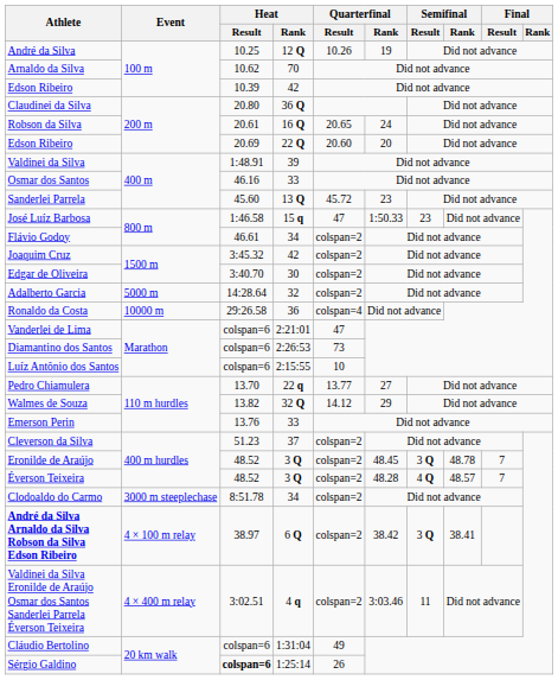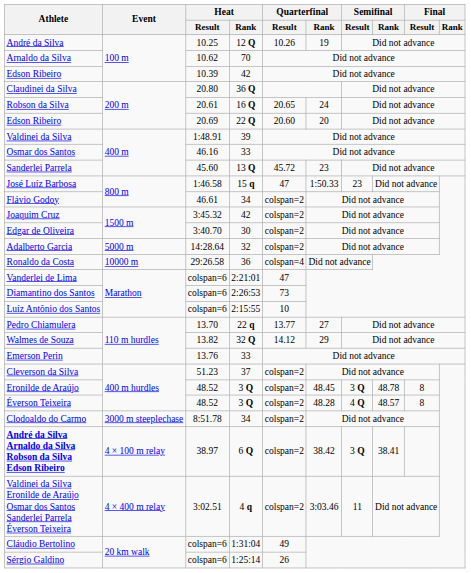 <table class="wikitable" style="font-size:90%">
 <tr>
 <th rowspan="2">Athlete</th>
 <th rowspan="2">Event</th>
 <th colspan="2">Heat</th>
 <th colspan="2">Quarterfinal</th>
 <th colspan="2">Semifinal</th>
 <th colspan="2">Final</th>
 </tr>
 <tr style="font-size:95%">
 <th>Result</th>
 <th>Rank</th>
 <th>Result</th>
 <th>Rank</th>
 <th>Result</th>
 <th>Rank</th>
 <th>Result</th>
 <th>Rank</th>
 </tr>
 <tr align=center>
 <td align=left><a href='#'>André da Silva</a></td>
 <td align=left rowspan=3><a href='#'>100 m</a></td>
 <td>10.25</td>
 <td>12 <strong>Q</strong></td>
 <td>10.26</td>
 <td>19</td>
 <td colspan=4>Did not advance</td>
 </tr>
 <tr align=center>
 <td align=left><a href='#'>Arnaldo da Silva</a></td>
 <td>10.62</td>
 <td>70</td>
 <td colspan=6>Did not advance</td>
 </tr>
 <tr align=center>
 <td align=left><a href='#'>Edson Ribeiro</a></td>
 <td>10.39</td>
 <td>42</td>
 <td colspan=6>Did not advance</td>
 </tr>
 <tr align=center>
 <td align=left><a href='#'>Claudinei da Silva</a></td>
 <td align=left rowspan=3><a href='#'>200 m</a></td>
 <td>20.80</td>
 <td>36 <strong>Q</strong></td>
 <td colspan=2></td>
 <td colspan=4>Did not advance</td>
 </tr>
 <tr align=center>
 <td align=left><a href='#'>Robson da Silva</a></td>
 <td>20.61</td>
 <td>16 <strong>Q</strong></td>
 <td>20.65</td>
 <td>24</td>
 <td colspan=6>Did not advance</td>
 </tr>
 <tr align=center>
 <td align=left><a href='#'>Edson Ribeiro</a></td>
 <td>20.69</td>
 <td>22 <strong>Q</strong></td>
 <td>20.60</td>
 <td>20</td>
 <td colspan=4>Did not advance</td>
 </tr>
 <tr align=center>
 <td align=left><a href='#'>Valdinei da Silva</a></td>
 <td align=left rowspan=3><a href='#'>400 m</a></td>
 <td>1:48.91</td>
 <td>39</td>
 <td colspan=6>Did not advance</td>
 </tr>
 <tr align=center>
 <td align=left><a href='#'>Osmar dos Santos</a></td>
 <td>46.16</td>
 <td>33</td>
 <td colspan=6>Did not advance</td>
 </tr>
 <tr align=center>
 <td align=left><a href='#'>Sanderlei Parrela</a></td>
 <td>45.60</td>
 <td>13 <strong>Q</strong></td>
 <td>45.72</td>
 <td>23</td>
 <td colspan=4>Did not advance</td>
 </tr>
 <tr align=center>
 <td align=left><a href='#'>José Luíz Barbosa</a></td>
 <td align=left rowspan=2><a href='#'>800 m</a></td>
 <td>1:46.58</td>
 <td>15 <strong>q</strong></td>
 <td>47</td>
 <td>1:50.33</td>
 <td>23</td>
 <td colspan=2>Did not advance</td>
 </tr>
 <tr align=center>
 <td align=left><a href='#'>Flávio Godoy</a></td>
 <td>46.61</td>
 <td>34</td>
 <td>colspan=2 </td>
 <td colspan=4>Did not advance</td>
 </tr>
 <tr align=center>
 <td align=left><a href='#'>Joaquim Cruz</a></td>
 <td align=left rowspan=2><a href='#'>1500 m</a></td>
 <td>3:45.32</td>
 <td>42</td>
 <td>colspan=2 </td>
 <td colspan=4>Did not advance</td>
 </tr>
 <tr align=center>
 <td align=left><a href='#'>Edgar de Oliveira</a></td>
 <td>3:40.70</td>
 <td>30</td>
 <td>colspan=2 </td>
 <td colspan=4>Did not advance</td>
 </tr>
 <tr align=center>
 <td align=left><a href='#'>Adalberto Garcia</a></td>
 <td align=left><a href='#'>5000 m</a></td>
 <td>14:28.64</td>
 <td>32</td>
 <td>colspan=2 </td>
 <td colspan=4>Did not advance</td>
 </tr>
 <tr align=center>
 <td align=left><a href='#'>Ronaldo da Costa</a></td>
 <td align=left><a href='#'>10000 m</a></td>
 <td>29:26.58</td>
 <td>36</td>
 <td>colspan=4 </td>
 <td colspan=2>Did not advance</td>
 </tr>
 <tr align=center>
 <td align=left><a href='#'>Vanderlei de Lima</a></td>
 <td align=left rowspan=3><a href='#'>Marathon</a></td>
 <td>colspan=6 </td>
 <td>2:21:01</td>
 <td>47</td>
 </tr>
 <tr align=center>
 <td align=left><a href='#'>Diamantino dos Santos</a></td>
 <td>colspan=6 </td>
 <td>2:26:53</td>
 <td>73</td>
 </tr>
 <tr align=center>
 <td align=left><a href='#'>Luíz Antônio dos Santos</a></td>
 <td>colspan=6 </td>
 <td>2:15:55</td>
 <td>10</td>
 </tr>
 <tr align=center>
 <td align=left><a href='#'>Pedro Chiamulera</a></td>
 <td align=left rowspan=3><a href='#'>110 m hurdles</a></td>
 <td>13.70</td>
 <td>22 <strong>q</strong></td>
 <td>13.77</td>
 <td>27</td>
 <td colspan=4>Did not advance</td>
 </tr>
 <tr align=center>
 <td align=left><a href='#'>Walmes de Souza</a></td>
 <td>13.82</td>
 <td>32  <strong>Q</strong></td>
 <td>14.12</td>
 <td>29</td>
 <td colspan=4>Did not advance</td>
 </tr>
 <tr align=center>
 <td align=left><a href='#'>Emerson Perin</a></td>
 <td>13.76</td>
 <td>33</td>
 <td colspan=6>Did not advance</td>
 </tr>
 <tr align=center>
 <td align=left><a href='#'>Cleverson da Silva</a></td>
 <td align=left rowspan=3><a href='#'>400 m hurdles</a></td>
 <td>51.23</td>
 <td>37</td>
 <td>colspan=2 </td>
 <td colspan=4>Did not advance</td>
 </tr>
 <tr align=center>
 <td align=left><a href='#'>Eronilde de Araújo</a></td>
 <td>48.52</td>
 <td>3  <strong>Q</strong></td>
 <td>colspan=2 </td>
 <td>48.45</td>
 <td>3 <strong>Q</strong></td>
 <td>48.78</td>
-<td>7</td>
+<td>8</td>
 </tr>
 <tr align=center>
 <td align=left><a href='#'>Éverson Teixeira</a></td>
 <td>48.52</td>
 <td>3  <strong>Q</strong></td>
 <td>colspan=2 </td>
 <td>48.28</td>
 <td>4 <strong>Q</strong></td>
 <td>48.57</td>
-<td>7</td>
+<td>8</td>
 </tr>
 <tr align=center>
 <td align=left><a href='#'>Clodoaldo do Carmo</a></td>
 <td align=left><a href='#'>3000 m steeplechase</a></td>
 <td>8:51.78</td>
 <td>34</td>
 <td>colspan=2 </td>
 <td colspan=4>Did not advance</td>
 </tr>
 <tr align=center>
 <td align=left><strong><a href='#'>André da Silva</a><br><a href='#'>Arnaldo da Silva</a><br><a href='#'>Robson da Silva</a><br><a href='#'>Edson Ribeiro</a></strong></td>
 <td align=left><a href='#'>4 × 100 m relay</a></td>
 <td>38.97</td>
 <td>6 <strong>Q</strong></td>
 <td>colspan=2 </td>
 <td>38.42</td>
 <td>3 <strong>Q</strong></td>
 <td>38.41</td>
 <td></td>
 </tr>
 <tr align=center>
 <td align=left><a href='#'>Valdinei da Silva</a><br><a href='#'>Eronilde de Araújo</a><br><a href='#'>Osmar dos Santos</a><br><a href='#'>Sanderlei Parrela</a><br><a href='#'>Éverson Teixeira</a></td>
 <td align=left><a href='#'>4 × 400 m relay</a></td>
 <td>3:02.51</td>
 <td>4 <strong>q</strong></td>
 <td>colspan=2 </td>
 <td>3:03.46</td>
 <td>11</td>
 <td colspan=2>Did not advance</td>
 </tr>
 <tr align=center>
 <td align=left><a href='#'>Cláudio Bertolino</a></td>
 <td align=left rowspan=3><a href='#'>20 km walk</a></td>
 <td>colspan=6 </td>
 <td>1:31:04</td>
 <td>49</td>
 </tr>
 <tr align=center>
 <td align=left><a href='#'>Sérgio Galdino</a></td>
-<td><strong>colspan=6 </strong></td>
+<td>colspan=6 </td>
 <td>1:25:14</td>
 <td>26</td>
 </tr>
 </table>
